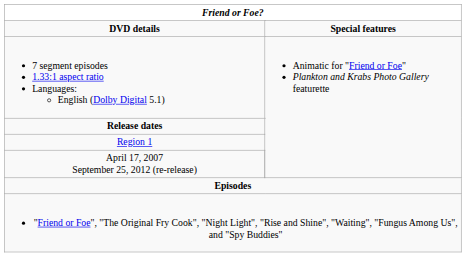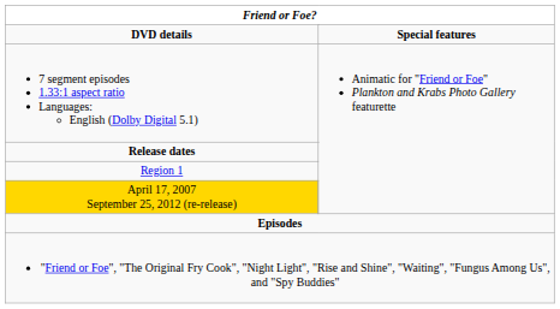 <table class="wikitable" style="font-size: 95%;">
 <tr style="background:#FFF; color:#000;">
 <td colspan="4" align="center"><strong><em>Friend or Foe?</em></strong></td>
 </tr>
 <tr valign="top">
 <td style="text-align:center; width:400px;" colspan="3"><strong>DVD details</strong></td>
 <td style="width:300px; text-align:center;"><strong>Special features</strong></td>
 </tr>
 <tr valign="top">
 <td colspan="3" style="text-align:left; width:400px;"><br><ul><li>7 segment episodes</li><li><a href='#'>1.33:1 aspect ratio</a></li><li>Languages:<ul><li>English (<a href='#'>Dolby Digital</a> 5.1)</li></ul></li></ul></td>
 <td rowspan="4" style="text-align:left; width:300px;"><br><ul><li>Animatic for "<a href='#'>Friend or Foe</a>"</li><li><em>Plankton and Krabs Photo Gallery</em> featurette</li></ul></td>
 </tr>
 <tr>
 <td colspan="3" style="text-align:center;"><strong>Release dates</strong></td>
 </tr>
 <tr>
 <td colspan="3" style="text-align:center;"><a href='#'>Region 1</a></td>
 </tr>
 <tr style="text-align:center;">
-<td>April 17, 2007<br>September 25, 2012 (re-release)</td>
+<td style="background: gold;">April 17, 2007<br>September 25, 2012 (re-release)</td>
 </tr>
 <tr>
 <td style="text-align:center; width:400px;" colspan="4"><strong>Episodes</strong></td>
 </tr>
 <tr>
 <td style="text-align:center; width:400px;" colspan="4"><br><ul><li>"<a href='#'>Friend or Foe</a>", "The Original Fry Cook", "Night Light", "Rise and Shine", "Waiting", "Fungus Among Us", and "Spy Buddies"</li></ul></td>
 </tr>
 </table>
